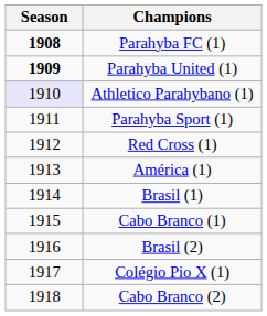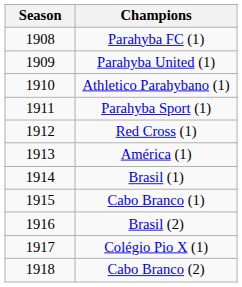 <table class="wikitable" style="text-align:center; margin-left:1em;">
 <tr>
 <th style="width:70px">Season</th>
 <th style="width:170px">Champions</th>
 </tr>
 <tr>
-<td><strong>1908</strong></td>
+<td>1908</td>
 <td><a href='#'>Parahyba FC</a> (1)</td>
 </tr>
 <tr>
-<td><strong>1909</strong></td>
+<td>1909</td>
 <td><a href='#'>Parahyba United</a> (1)</td>
 </tr>
 <tr>
-<td style="background: lavender;">1910</td>
+<td>1910</td>
 <td><a href='#'>Athletico Parahybano</a> (1)</td>
 </tr>
 <tr>
 <td>1911</td>
 <td><a href='#'>Parahyba Sport</a> (1)</td>
 </tr>
 <tr>
 <td>1912</td>
 <td><a href='#'>Red Cross</a> (1)</td>
 </tr>
 <tr>
 <td>1913</td>
 <td><a href='#'>América</a> (1)</td>
 </tr>
 <tr>
 <td>1914</td>
 <td><a href='#'>Brasil</a> (1)</td>
 </tr>
 <tr>
 <td>1915</td>
 <td><a href='#'>Cabo Branco</a> (1)</td>
 </tr>
 <tr>
 <td>1916</td>
 <td><a href='#'>Brasil</a> (2)</td>
 </tr>
 <tr>
 <td>1917</td>
 <td><a href='#'>Colégio Pio X</a> (1)</td>
 </tr>
 <tr>
 <td>1918</td>
 <td><a href='#'>Cabo Branco</a> (2)</td>
 </tr>
 </table>
